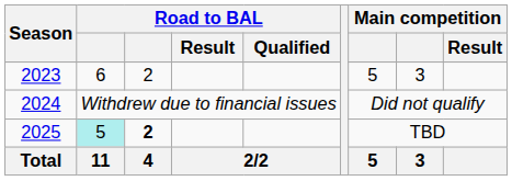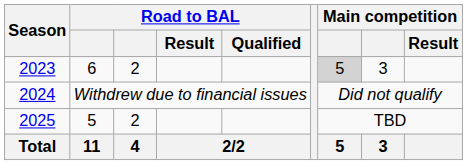 <table class="wikitable" style="text-align:center;">
 <tr>
 <th rowspan=2>Season</th>
 <th colspan=4><a href='#'>Road to BAL</a></th>
 <th rowspan="102"></th>
 <th colspan=3>Main competition</th>
 </tr>
 <tr>
 <th width=35></th>
 <th width=35></th>
 <th>Result</th>
 <th>Qualified</th>
 <th width=35></th>
 <th width=35></th>
 <th>Result</th>
 </tr>
 <tr>
 </tr>
 <tr>
 <td><a href='#'>2023</a></td>
 <td>6</td>
 <td>2</td>
 <td></td>
 <td></td>
-<td>5</td>
+<td style="background: lightgrey;">5</td>
 <td>3</td>
 <td></td>
 </tr>
 <tr>
 <td><a href='#'>2024</a></td>
 <td colspan="4"><em>Withdrew due to financial issues</em></td>
 <td colspan="3"><em>Did not qualify</em></td>
 </tr>
 <tr>
 <td><a href='#'>2025</a></td>
-<td style="background: paleturquoise;">5</td>
-<td><strong>2</strong></td>
+<td>5</td>
+<td>2</td>
 <td></td>
 <td></td>
 <td colspan="3">TBD</td>
 </tr>
 <tr>
 <th>Total</th>
 <th>11</th>
 <th>4</th>
 <th colspan="2">2/2</th>
 <th>5</th>
 <th>3</th>
 <th></th>
 </tr>
 </table>
